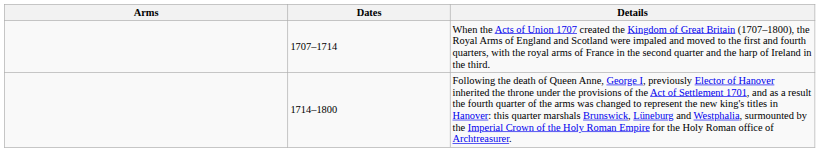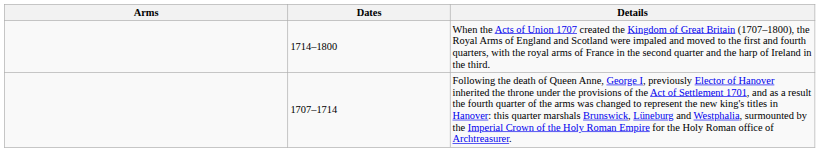 <table class="wikitable">
 <tr>
 <th scope="col" style="width: 35%;">Arms</th>
 <th scope="col" style="width: 20%;">Dates</th>
 <th scope="col" style="width: 45%;">Details</th>
 </tr>
 <tr>
 <td><div> </div></td>
-<td>1707–1714</td>
+<td>1714–1800</td>
 <td>When the <a href='#'>Acts of Union 1707</a> created the <a href='#'>Kingdom of Great Britain</a> (1707–1800), the Royal Arms of England and Scotland were impaled and moved to the first and fourth quarters, with the royal arms of France in the second quarter and the harp of Ireland in the third.</td>
 </tr>
 <tr>
 <td><div> </div></td>
-<td>1714–1800</td>
+<td>1707–1714</td>
 <td>Following the death of Queen Anne, <a href='#'>George I</a>, previously <a href='#'>Elector of Hanover</a> inherited the throne under the provisions of the <a href='#'>Act of Settlement 1701</a>, and as a result the fourth quarter of the arms was changed to represent the new king's titles in <a href='#'>Hanover</a>: this quarter marshals <a href='#'>Brunswick</a>, <a href='#'>Lüneburg</a> and <a href='#'>Westphalia</a>, surmounted by the <a href='#'>Imperial Crown of the Holy Roman Empire</a> for the Holy Roman office of <a href='#'>Archtreasurer</a>.</td>
 </tr>
 </table>
